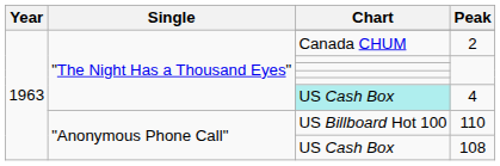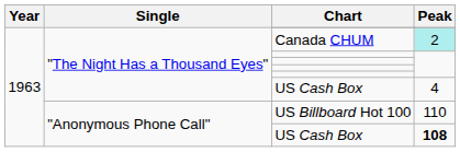 <table class="wikitable">
 <tr>
 <th>Year</th>
 <th>Single</th>
 <th>Chart</th>
 <th>Peak</th>
 </tr>
 <tr>
 <td rowspan="9">1963</td>
 <td rowspan="7">"<a href='#'>The Night Has a Thousand Eyes</a>"</td>
 </tr>
 <tr>
 <td>Canada <a href='#'>CHUM</a></td>
-<td align="center">2</td>
+<td align="center" style="background: paleturquoise;">2</td>
 </tr>
 <tr>
 <td></td>
 </tr>
 <tr>
 <td></td>
 </tr>
 <tr>
 <td></td>
 </tr>
 <tr>
 <td></td>
 </tr>
 <tr>
-<td style="background: paleturquoise;">US <em>Cash Box</em></td>
+<td>US <em>Cash Box</em></td>
 <td align="center">4</td>
 </tr>
 <tr>
 <td rowspan="2">"Anonymous Phone Call"</td>
 <td>US <em>Billboard</em> Hot 100</td>
 <td align="center">110</td>
 </tr>
 <tr>
 <td>US <em>Cash Box</em></td>
-<td align="center">108</td>
+<td align="center"><strong>108</strong></td>
 </tr>
 </table>
